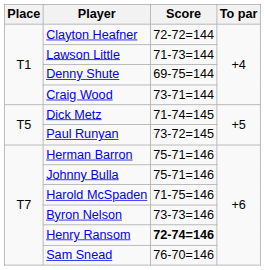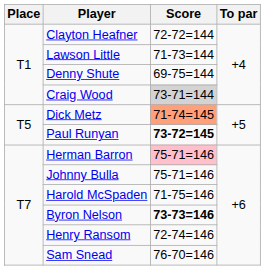 <table class=wikitable>
 <tr>
 <th>Place</th>
 <th>Player</th>
 <th>Score</th>
 <th>To par</th>
 </tr>
 <tr>
 <td rowspan=4 align=center>T1</td>
 <td> <a href='#'>Clayton Heafner</a></td>
 <td>72-72=144</td>
 <td rowspan=4 align=center>+4</td>
 </tr>
 <tr>
 <td> <a href='#'>Lawson Little</a></td>
 <td>71-73=144</td>
 </tr>
 <tr>
 <td> <a href='#'>Denny Shute</a></td>
 <td>69-75=144</td>
 </tr>
 <tr>
 <td> <a href='#'>Craig Wood</a></td>
-<td>73-71=144</td>
+<td style="background: lightgrey;">73-71=144</td>
 </tr>
 <tr>
 <td rowspan=2 align=center>T5</td>
 <td> <a href='#'>Dick Metz</a></td>
-<td>71-74=145</td>
+<td style="background: lightsalmon;">71-74=145</td>
 <td rowspan=2 align=center>+5</td>
 </tr>
 <tr>
 <td> <a href='#'>Paul Runyan</a></td>
-<td>73-72=145</td>
+<td><strong>73-72=145</strong></td>
 </tr>
 <tr>
 <td rowspan=6 align=center>T7</td>
 <td> <a href='#'>Herman Barron</a></td>
-<td>75-71=146</td>
+<td style="background: pink;">75-71=146</td>
 <td rowspan=6 align=center>+6</td>
 </tr>
 <tr>
 <td> <a href='#'>Johnny Bulla</a></td>
 <td>75-71=146</td>
 </tr>
 <tr>
 <td> <a href='#'>Harold McSpaden</a></td>
 <td>71-75=146</td>
 </tr>
 <tr>
 <td> <a href='#'>Byron Nelson</a></td>
-<td>73-73=146</td>
+<td><strong>73-73=146</strong></td>
 </tr>
 <tr>
 <td> <a href='#'>Henry Ransom</a></td>
-<td><strong>72-74=146</strong></td>
+<td>72-74=146</td>
 </tr>
 <tr>
 <td> <a href='#'>Sam Snead</a></td>
 <td>76-70=146</td>
 </tr>
 </table>
